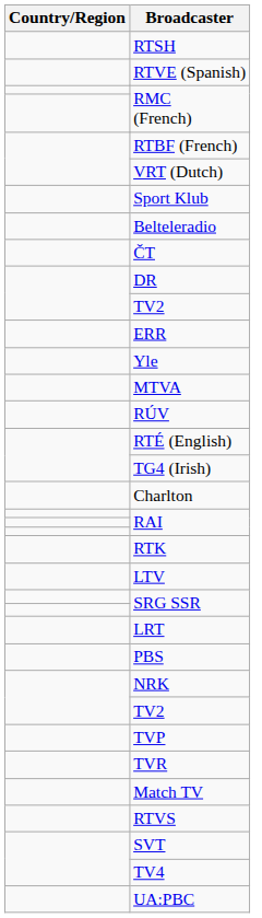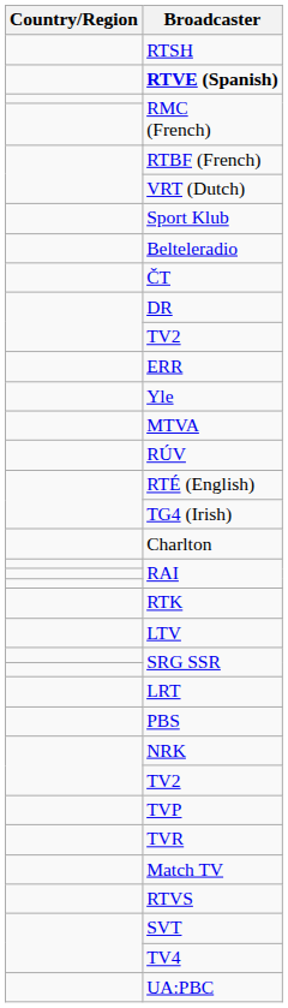 <table class="wikitable">
 <tr>
 <th>Country/Region</th>
 <th>Broadcaster</th>
 </tr>
 <tr>
 <td></td>
 <td><a href='#'>RTSH</a></td>
 </tr>
 <tr>
 <td rowspan="2"></td>
-<td><a href='#'>RTVE</a> (Spanish)</td>
+<td><strong><a href='#'>RTVE</a> (Spanish)</strong></td>
 </tr>
 <tr>
 <td rowspan="3"><a href='#'>RMC</a><br>(French)</td>
 </tr>
 <tr>
 <td></td>
 </tr>
 <tr>
 <td rowspan="2"></td>
 </tr>
 <tr>
 <td rowspan="2"><a href='#'>RTBF</a> (French)</td>
 </tr>
 <tr>
 <td rowspan="2"></td>
 </tr>
 <tr>
 <td><a href='#'>VRT</a> (Dutch)</td>
 </tr>
 <tr>
 <td></td>
 <td><a href='#'>Sport Klub</a></td>
 </tr>
 <tr>
 <td></td>
 <td><a href='#'>Belteleradio</a></td>
 </tr>
 <tr>
 <td></td>
 <td><a href='#'>ČT</a></td>
 </tr>
 <tr>
 <td rowspan="2"></td>
 <td><a href='#'>DR</a></td>
 </tr>
 <tr>
 <td><a href='#'>TV2</a></td>
 </tr>
 <tr>
 <td></td>
 <td><a href='#'>ERR</a></td>
 </tr>
 <tr>
 <td></td>
 <td><a href='#'>Yle</a></td>
 </tr>
 <tr>
 <td></td>
 <td><a href='#'>MTVA</a></td>
 </tr>
 <tr>
 <td></td>
 <td><a href='#'>RÚV</a></td>
 </tr>
 <tr>
 <td rowspan="2"></td>
 <td><a href='#'>RTÉ</a> (English)</td>
 </tr>
 <tr>
 <td><a href='#'>TG4</a> (Irish)</td>
 </tr>
 <tr>
 <td></td>
 <td>Charlton</td>
 </tr>
 <tr>
 <td></td>
 <td rowspan="3"><a href='#'>RAI</a></td>
 </tr>
 <tr>
 <td></td>
 </tr>
 <tr>
 <td></td>
 </tr>
 <tr>
 <td></td>
 <td><a href='#'>RTK</a></td>
 </tr>
 <tr>
 <td></td>
 <td><a href='#'>LTV</a></td>
 </tr>
 <tr>
 <td></td>
 <td rowspan="2"><a href='#'>SRG SSR</a></td>
 </tr>
 <tr>
 <td></td>
 </tr>
 <tr>
 <td></td>
 <td><a href='#'>LRT</a></td>
 </tr>
 <tr>
 <td></td>
 <td><a href='#'>PBS</a></td>
 </tr>
 <tr>
 <td rowspan="2"></td>
 <td><a href='#'>NRK</a></td>
 </tr>
 <tr>
 <td><a href='#'>TV2</a></td>
 </tr>
 <tr>
 <td></td>
 <td><a href='#'>TVP</a></td>
 </tr>
 <tr>
 <td></td>
 <td><a href='#'>TVR</a></td>
 </tr>
 <tr>
 <td></td>
 <td><a href='#'>Match TV</a></td>
 </tr>
 <tr>
 <td></td>
 <td><a href='#'>RTVS</a></td>
 </tr>
 <tr>
 <td rowspan="2"></td>
 <td><a href='#'>SVT</a></td>
 </tr>
 <tr>
 <td><a href='#'>TV4</a></td>
 </tr>
 <tr>
 <td></td>
 <td><a href='#'>UA:PBC</a></td>
 </tr>
 </table>
